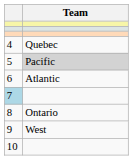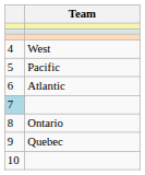 <table class="wikitable">
 <tr>
 <th width=20></th>
 <th width=150>Team</th>
 </tr>
 <tr style="background:#F7F6A8;">
 <td align="center"></td>
 <td></td>
 </tr>
 <tr style="background:#DCE5E5;">
 <td align="center"></td>
 <td></td>
 </tr>
 <tr style="background:#FFDAB9;">
 <td align="center"></td>
 <td></td>
 </tr>
 <tr>
 <td>4</td>
-<td> Quebec</td>
+<td> West</td>
 </tr>
 <tr>
 <td>5</td>
-<td style="background: lightgrey;"> Pacific</td>
+<td> Pacific</td>
 </tr>
 <tr>
 <td>6</td>
 <td> Atlantic</td>
 </tr>
 <tr>
 <td style="background: lightblue;">7</td>
 <td></td>
 </tr>
 <tr>
 <td>8</td>
 <td> Ontario</td>
 </tr>
 <tr>
 <td>9</td>
-<td> West</td>
+<td> Quebec</td>
 </tr>
 <tr>
 <td>10</td>
 <td></td>
 </tr>
 </table>
